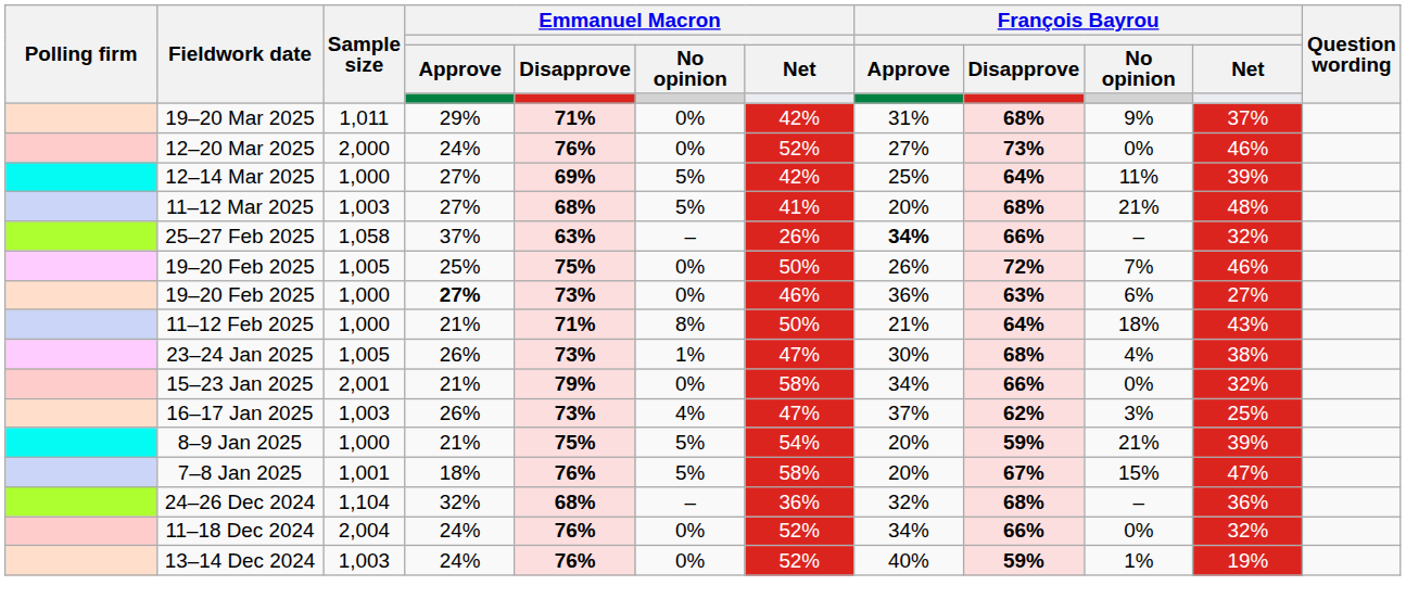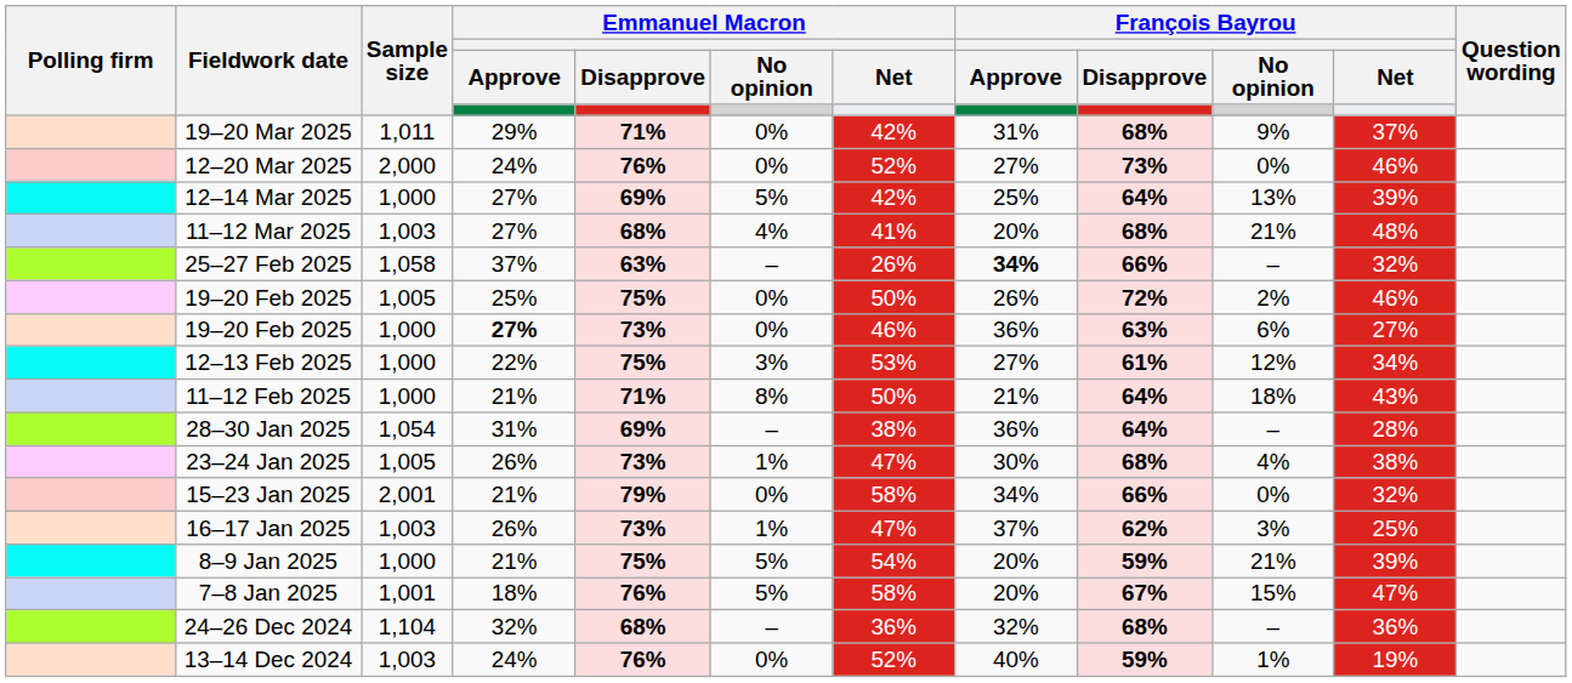 <table class="wikitable sortable" style="text-align:center;font-size:90%;line-height:14px;">
 <tr>
 <th rowspan="4" style="width:100px;">Polling firm</th>
 <th rowspan="4" style="width:110px;">Fieldwork date</th>
 <th rowspan="4" style="width:35px;">Sample<br>size</th>
 <th class="unsortable" colspan="4"><a href='#'>Emmanuel Macron</a></th>
 <th class="unsortable" colspan="4"><a href='#'>François Bayrou</a></th>
 <th class="unsortable" rowspan="4" style="width:10px;">Question<br>wording</th>
 </tr>
 <tr>
 <th class="unsortable" colspan="4" style="background:"></th>
 <th class="unsortable" colspan="4" style="background:"></th>
 </tr>
 <tr>
 <th class="unsortable" style="width:70px;">Approve</th>
 <th class="unsortable" style="width:70px;">Disapprove</th>
 <th class="unsortable" style="width:70px;">No opinion</th>
 <th class="unsortable" style="width:70px;">Net</th>
 <th class="unsortable" style="width:70px;">Approve</th>
 <th class="unsortable" style="width:70px;">Disapprove</th>
 <th class="unsortable" style="width:70px;">No opinion</th>
 <th class="unsortable" style="width:70px;">Net</th>
 </tr>
 <tr>
 <th style="background:#008142;"></th>
 <th style="background:#DC241F;"></th>
 <th style="background:lightgray;"></th>
 <th style="background:#EAECF0;"></th>
 <th style="background:#008142;"></th>
 <th style="background:#DC241F;"></th>
 <th style="background:lightgray;"></th>
 <th style="background:#EAECF0;"></th>
 </tr>
 <tr>
 <td style="background:#FFDFCC;"></td>
 <td data-sort-value="2025-03-20">19–20 Mar 2025</td>
 <td>1,011</td>
 <td>29%</td>
 <td style="background:#FDDEDE;"><strong>71%</strong></td>
 <td>0%</td>
 <td style="background:#DC241F;color:white;" data-sort-value="-42%">42%</td>
 <td>31%</td>
 <td style="background:#FDDEDE;"><strong>68%</strong></td>
 <td>9%</td>
 <td style="background:#DC241F;color:white;" data-sort-value="-37%">37%</td>
 <td></td>
 </tr>
 <tr>
 <td style="background:#FFCCCC;"></td>
 <td data-sort-value="2025-03-20">12–20 Mar 2025</td>
 <td>2,000</td>
 <td>24%</td>
 <td style="background:#FDDEDE;"><strong>76%</strong></td>
 <td>0%</td>
 <td style="background:#DC241F;color:white;" data-sort-value="-52%">52%</td>
 <td>27%</td>
 <td style="background:#FDDEDE;"><strong>73%</strong></td>
 <td>0%</td>
 <td style="background:#DC241F;color:white;" data-sort-value="-46%">46%</td>
 <td></td>
 </tr>
 <tr>
 <td style="background:#04FBF4;"></td>
 <td data-sort-value="2025-03-14">12–14 Mar 2025</td>
 <td>1,000</td>
 <td>27%</td>
 <td style="background:#FDDEDE;"><strong>69%</strong></td>
 <td>5%</td>
 <td style="background:#DC241F;color:white;" data-sort-value="-42%">42%</td>
 <td>25%</td>
 <td style="background:#FDDEDE;"><strong>64%</strong></td>
-<td>11%</td>
+<td>13%</td>
 <td style="background:#DC241F;color:white;" data-sort-value="-39%">39%</td>
 <td></td>
 </tr>
 <tr>
 <td style="background:#CAD5F7;"></td>
 <td data-sort-value="2025-03-12">11–12 Mar 2025</td>
 <td>1,003</td>
 <td>27%</td>
 <td style="background:#FDDEDE;"><strong>68%</strong></td>
-<td>5%</td>
+<td>4%</td>
 <td style="background:#DC241F;color:white;" data-sort-value="-41%">41%</td>
 <td>20%</td>
 <td style="background:#FDDEDE;"><strong>68%</strong></td>
 <td>21%</td>
 <td style="background:#DC241F;color:white;" data-sort-value="-48%">48%</td>
 <td></td>
 </tr>
 <tr>
 <td style="background:GreenYellow;"></td>
 <td data-sort-value="2025-02-27">25–27 Feb 2025</td>
 <td>1,058</td>
 <td>37%</td>
 <td style="background:#FDDEDE;"><strong>63%</strong></td>
 <td>–</td>
 <td style="background:#DC241F;color:white;" data-sort-value="-26%">26%</td>
 <td><strong>34%</strong></td>
 <td style="background:#FDDEDE;"><strong>66%</strong></td>
 <td>–</td>
 <td style="background:#DC241F;color:white;" data-sort-value="-32%">32%</td>
 <td></td>
 </tr>
 <tr>
 <td style="background:#FFCCFF;"></td>
 <td data-sort-value="2025-02-20">19–20 Feb 2025</td>
 <td>1,005</td>
 <td>25%</td>
 <td style="background:#FDDEDE;"><strong>75%</strong></td>
 <td>0%</td>
 <td style="background:#DC241F;color:white;" data-sort-value="-50%">50%</td>
 <td>26%</td>
 <td style="background:#FDDEDE;"><strong>72%</strong></td>
-<td>7%</td>
+<td>2%</td>
 <td style="background:#DC241F;color:white;" data-sort-value="-46%">46%</td>
 <td></td>
 </tr>
 <tr>
 <td style="background:#FFDFCC;"></td>
 <td data-sort-value="2025-02-20">19–20 Feb 2025</td>
 <td>1,000</td>
 <td><strong>27%</strong></td>
 <td style="background:#FDDEDE;"><strong>73%</strong></td>
 <td>0%</td>
 <td style="background:#DC241F;color:white;" data-sort-value="-46%">46%</td>
 <td>36%</td>
 <td style="background:#FDDEDE;"><strong>63%</strong></td>
 <td>6%</td>
 <td style="background:#DC241F;color:white;" data-sort-value="-27%">27%</td>
 <td></td>
 </tr>
 <tr>
+<td style="background:#04FBF4;"></td>
+<td data-sort-value="2025-02-13">12–13 Feb 2025</td>
+<td>1,000</td>
+<td>22%</td>
+<td style="background:#FDDEDE;"><strong>75%</strong></td>
+<td>3%</td>
+<td style="background:#DC241F;color:white;" data-sort-value="-53%">53%</td>
+<td>27%</td>
+<td style="background:#FDDEDE;"><strong>61%</strong></td>
+<td>12%</td>
+<td style="background:#DC241F;color:white;" data-sort-value="-34%">34%</td>
+<td></td>
+</tr>
+<tr>
 <td style="background:#CAD5F7;"></td>
 <td data-sort-value="2025-02-12">11–12 Feb 2025</td>
 <td>1,000</td>
 <td>21%</td>
 <td style="background:#FDDEDE;"><strong>71%</strong></td>
 <td>8%</td>
 <td style="background:#DC241F;color:white;" data-sort-value="-50%">50%</td>
 <td>21%</td>
 <td style="background:#FDDEDE;"><strong>64%</strong></td>
 <td>18%</td>
 <td style="background:#DC241F;color:white;" data-sort-value="-43%">43%</td>
+<td></td>
+</tr>
+<tr>
+<td style="background:GreenYellow;"></td>
+<td data-sort-value="2025-01-30">28–30 Jan 2025</td>
+<td>1,054</td>
+<td>31%</td>
+<td style="background:#FDDEDE;"><strong>69%</strong></td>
+<td>–</td>
+<td style="background:#DC241F;color:white;" data-sort-value="-38%">38%</td>
+<td>36%</td>
+<td style="background:#FDDEDE;"><strong>64%</strong></td>
+<td>–</td>
+<td style="background:#DC241F;color:white;" data-sort-value="-28%">28%</td>
 <td></td>
 </tr>
 <tr>
 <td style="background:#FFCCFF;"></td>
 <td data-sort-value="2025-01-24">23–24 Jan 2025</td>
 <td>1,005</td>
 <td>26%</td>
 <td style="background:#FDDEDE;"><strong>73%</strong></td>
 <td>1%</td>
 <td style="background:#DC241F;color:white;" data-sort-value="-47%">47%</td>
 <td>30%</td>
 <td style="background:#FDDEDE;"><strong>68%</strong></td>
 <td>4%</td>
 <td style="background:#DC241F;color:white;" data-sort-value="-38%">38%</td>
 <td></td>
 </tr>
 <tr>
 <td style="background:#FFCCCC;"></td>
 <td data-sort-value="2025-01-23">15–23 Jan 2025</td>
 <td>2,001</td>
 <td>21%</td>
 <td style="background:#FDDEDE;"><strong>79%</strong></td>
 <td>0%</td>
 <td style="background:#DC241F;color:white;" data-sort-value="-58%">58%</td>
 <td>34%</td>
 <td style="background:#FDDEDE;"><strong>66%</strong></td>
 <td>0%</td>
 <td style="background:#DC241F;color:white;" data-sort-value="-32%">32%</td>
 <td></td>
 </tr>
 <tr>
 <td style="background:#FFDFCC;"></td>
 <td data-sort-value="2025-01-17">16–17 Jan 2025</td>
 <td>1,003</td>
 <td>26%</td>
 <td style="background:#FDDEDE;"><strong>73%</strong></td>
-<td>4%</td>
+<td>1%</td>
 <td style="background:#DC241F;color:white;" data-sort-value="-47%">47%</td>
 <td>37%</td>
 <td style="background:#FDDEDE;"><strong>62%</strong></td>
 <td>3%</td>
 <td style="background:#DC241F;color:white;" data-sort-value="-25%">25%</td>
 <td></td>
 </tr>
 <tr>
 <td style="background:#04FBF4;"></td>
 <td data-sort-value="2025-01-09">8–9 Jan 2025</td>
 <td>1,000</td>
 <td>21%</td>
 <td style="background:#FDDEDE;"><strong>75%</strong></td>
 <td>5%</td>
 <td style="background:#DC241F;color:white;" data-sort-value="-54%">54%</td>
 <td>20%</td>
 <td style="background:#FDDEDE;"><strong>59%</strong></td>
 <td>21%</td>
 <td style="background:#DC241F;color:white;" data-sort-value="-39%">39%</td>
 <td></td>
 </tr>
 <tr>
 <td style="background:#CAD5F7;"></td>
 <td data-sort-value="2025-01-08">7–8 Jan 2025</td>
 <td>1,001</td>
 <td>18%</td>
 <td style="background:#FDDEDE;"><strong>76%</strong></td>
 <td>5%</td>
 <td style="background:#DC241F;color:white;" data-sort-value="-58%">58%</td>
 <td>20%</td>
 <td style="background:#FDDEDE;"><strong>67%</strong></td>
 <td>15%</td>
 <td style="background:#DC241F;color:white;" data-sort-value="-47%">47%</td>
 <td></td>
 </tr>
 <tr>
 <td style="background:GreenYellow;"></td>
 <td data-sort-value="2024-12-26">24–26 Dec 2024</td>
 <td>1,104</td>
 <td>32%</td>
 <td style="background:#FDDEDE;"><strong>68%</strong></td>
 <td>–</td>
 <td style="background:#DC241F;color:white;" data-sort-value="-36%">36%</td>
 <td>32%</td>
 <td style="background:#FDDEDE;"><strong>68%</strong></td>
 <td>–</td>
 <td style="background:#DC241F;color:white;" data-sort-value="-36%">36%</td>
 <td></td>
 </tr>
 <tr>
-<td style="background:#FFCCCC;"></td>
-<td data-sort-value="2024-12-18">11–18 Dec 2024</td>
-<td>2,004</td>
-<td>24%</td>
-<td style="background:#FDDEDE;"><strong>76%</strong></td>
-<td>0%</td>
-<td style="background:#DC241F;color:white;" data-sort-value="-52%">52%</td>
-<td>34%</td>
-<td style="background:#FDDEDE;"><strong>66%</strong></td>
-<td>0%</td>
-<td style="background:#DC241F;color:white;" data-sort-value="-32%">32%</td>
-<td></td>
-</tr>
-<tr>
 <td style="background:#FFDFCC;"></td>
 <td data-sort-value="2024-12-14">13–14 Dec 2024</td>
 <td>1,003</td>
 <td>24%</td>
 <td style="background:#FDDEDE;"><strong>76%</strong></td>
 <td>0%</td>
 <td style="background:#DC241F;color:white;" data-sort-value="-52%">52%</td>
 <td>40%</td>
 <td style="background:#FDDEDE;"><strong>59%</strong></td>
 <td>1%</td>
 <td style="background:#DC241F;color:white;" data-sort-value="-19%">19%</td>
 <td></td>
 </tr>
 </table>
